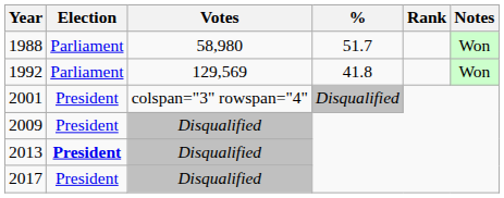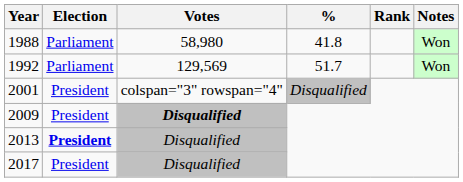 <table class="wikitable" style="text-align:center;">
 <tr>
 <th>Year</th>
 <th>Election</th>
 <th>Votes</th>
 <th>%</th>
 <th>Rank</th>
 <th>Notes</th>
 </tr>
 <tr>
 <td>1988</td>
 <td><a href='#'>Parliament</a></td>
 <td>58,980</td>
-<td> 51.7</td>
+<td>41.8</td>
 <td></td>
 <td style="background-color:#CCFFCC">Won</td>
 </tr>
 <tr>
 <td>1992</td>
 <td><a href='#'>Parliament</a></td>
 <td> 129,569</td>
-<td>41.8</td>
+<td> 51.7</td>
 <td></td>
 <td style="background-color:#CCFFCC">Won</td>
 </tr>
 <tr>
 <td>2001</td>
 <td><a href='#'>President</a></td>
 <td>colspan="3" rowspan="4" </td>
 <td style="background-color:#C0C0C0"><em>Disqualified</em></td>
 </tr>
 <tr>
 <td>2009</td>
 <td><a href='#'>President</a></td>
-<td style="background-color:#C0C0C0"><em>Disqualified</em></td>
+<td style="background-color:#C0C0C0"><strong><em>Disqualified</em></strong></td>
 </tr>
 <tr>
 <td>2013</td>
 <td><strong><a href='#'>President</a></strong></td>
 <td style="background-color:#C0C0C0"><em>Disqualified</em></td>
 </tr>
 <tr>
 <td>2017</td>
 <td><a href='#'>President</a></td>
 <td style="background-color:#C0C0C0"><em>Disqualified</em></td>
 </tr>
 </table>
